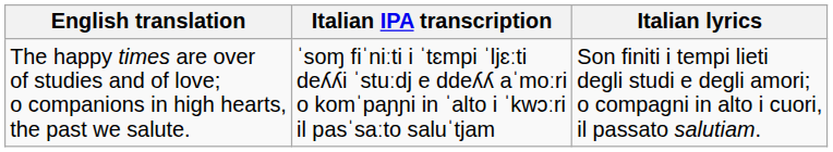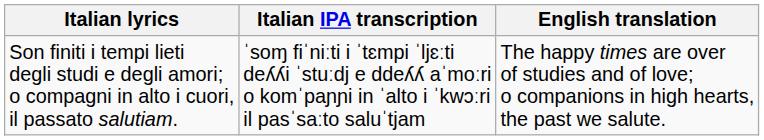 <table class="wikitable">
 <tr>
+<th>Italian lyrics</th>
+<th>Italian <a href='#'>IPA</a> transcription</th>
 <th>English translation</th>
-<th>Italian <a href='#'>IPA</a> transcription</th>
-<th>Italian lyrics</th>
 </tr>
 <tr style="vertical-align:top; white-space:nowrap;">
+<td>Son finiti i tempi lieti<br>degli studi e degli amori;<br>o compagni in alto i cuori,<br>il passato <em>salutiam</em>.</td>
+<td>ˈsoɱ fiˈniːti i ˈtɛmpi ˈljɛːti<br>deʎʎi ˈstuːdj e ddeʎʎ aˈmoːri<br>o komˈpaɲɲi in ˈalto i ˈkwɔːri<br>il pasˈsaːto saluˈtjam</td>
 <td>The happy <em>times</em> are over<br>of studies and of love;<br>o companions in high hearts,<br>the past we salute.</td>
-<td>ˈsoɱ fiˈniːti i ˈtɛmpi ˈljɛːti<br>deʎʎi ˈstuːdj e ddeʎʎ aˈmoːri<br>o komˈpaɲɲi in ˈalto i ˈkwɔːri<br>il pasˈsaːto saluˈtjam</td>
-<td>Son finiti i tempi lieti<br>degli studi e degli amori;<br>o compagni in alto i cuori,<br>il passato <em>salutiam</em>.</td>
 </tr>
 </table>
